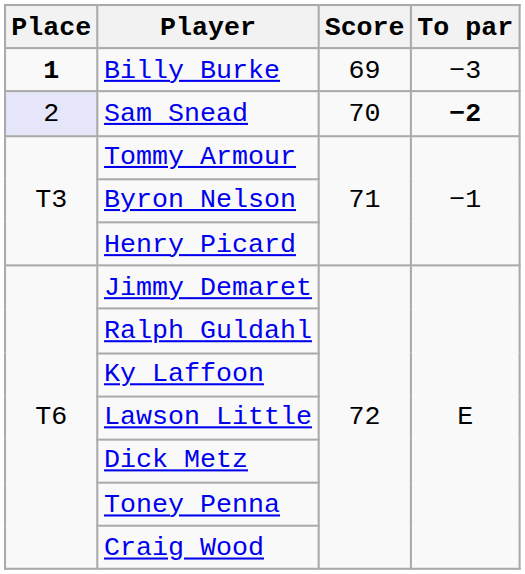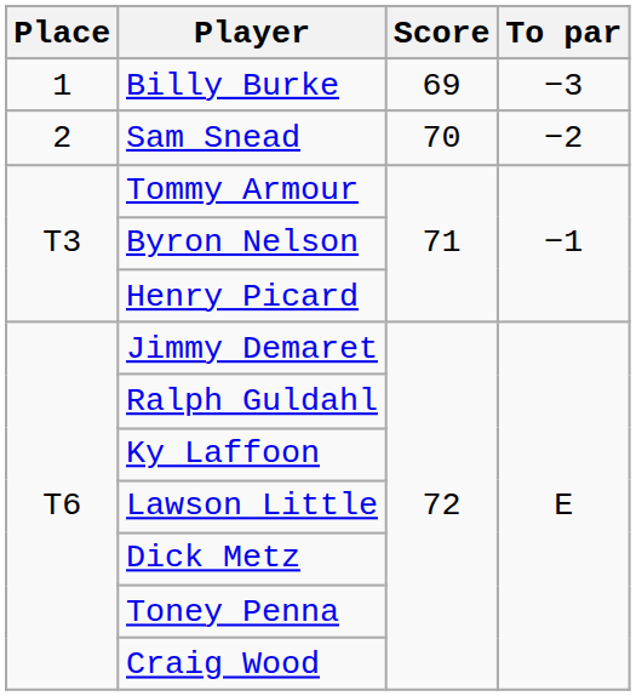 <table class="wikitable">
 <tr>
 <th>Place</th>
 <th>Player</th>
 <th>Score</th>
 <th>To par</th>
 </tr>
 <tr>
-<td align="center"><strong>1</strong></td>
+<td align="center">1</td>
 <td> <a href='#'>Billy Burke</a></td>
 <td align="center">69</td>
 <td align="center">−3</td>
 </tr>
 <tr>
-<td align="center" style="background: lavender;">2</td>
+<td align="center">2</td>
 <td> <a href='#'>Sam Snead</a></td>
 <td align="center">70</td>
-<td align="center"><strong>−2</strong></td>
+<td align="center">−2</td>
 </tr>
 <tr>
 <td rowspan="3" align="center">T3</td>
 <td> <a href='#'>Tommy Armour</a></td>
 <td rowspan="3" align="center">71</td>
 <td rowspan="3" align="center">−1</td>
 </tr>
 <tr>
 <td> <a href='#'>Byron Nelson</a></td>
 </tr>
 <tr>
 <td> <a href='#'>Henry Picard</a></td>
 </tr>
 <tr>
 <td rowspan="7" align="center">T6</td>
 <td> <a href='#'>Jimmy Demaret</a></td>
 <td rowspan="7" align="center">72</td>
 <td rowspan="7" align="center">E</td>
 </tr>
 <tr>
 <td> <a href='#'>Ralph Guldahl</a></td>
 </tr>
 <tr>
 <td> <a href='#'>Ky Laffoon</a></td>
 </tr>
 <tr>
 <td> <a href='#'>Lawson Little</a></td>
 </tr>
 <tr>
 <td> <a href='#'>Dick Metz</a></td>
 </tr>
 <tr>
 <td> <a href='#'>Toney Penna</a></td>
 </tr>
 <tr>
 <td> <a href='#'>Craig Wood</a></td>
 </tr>
 </table>
